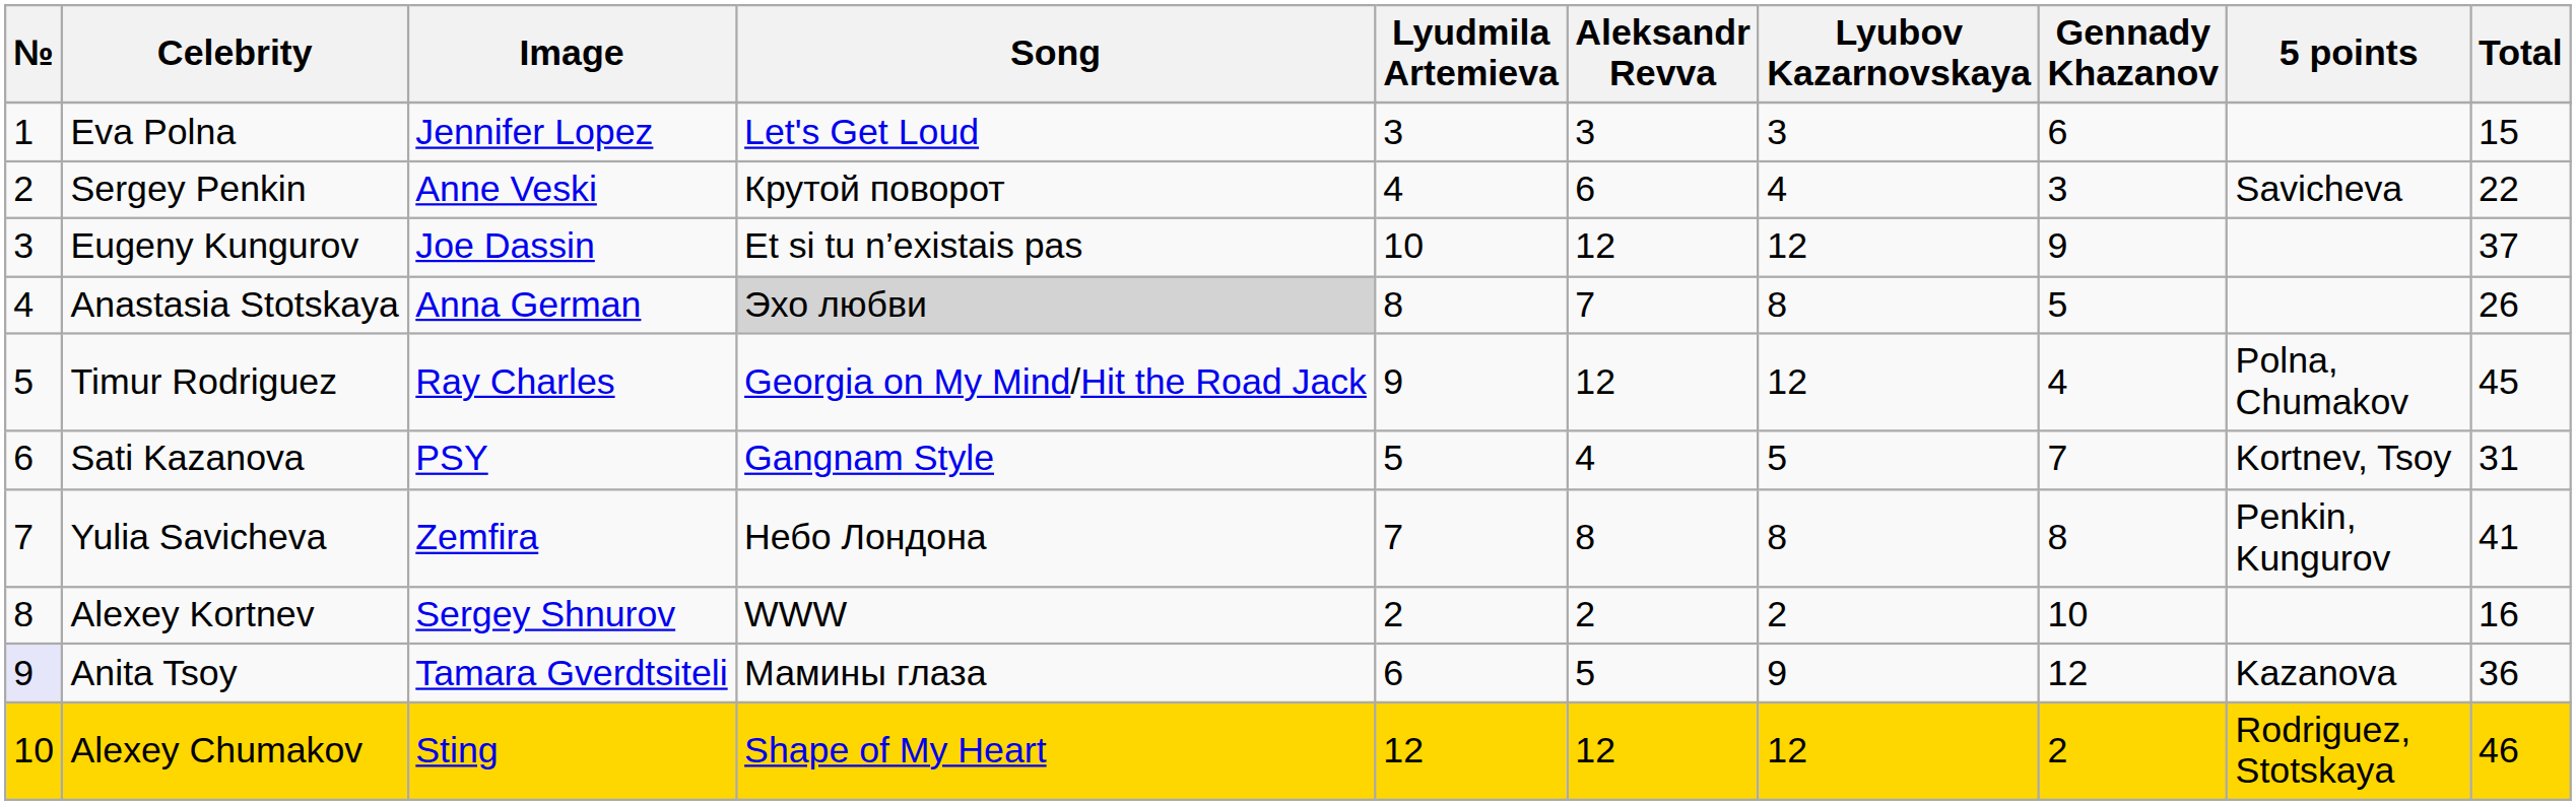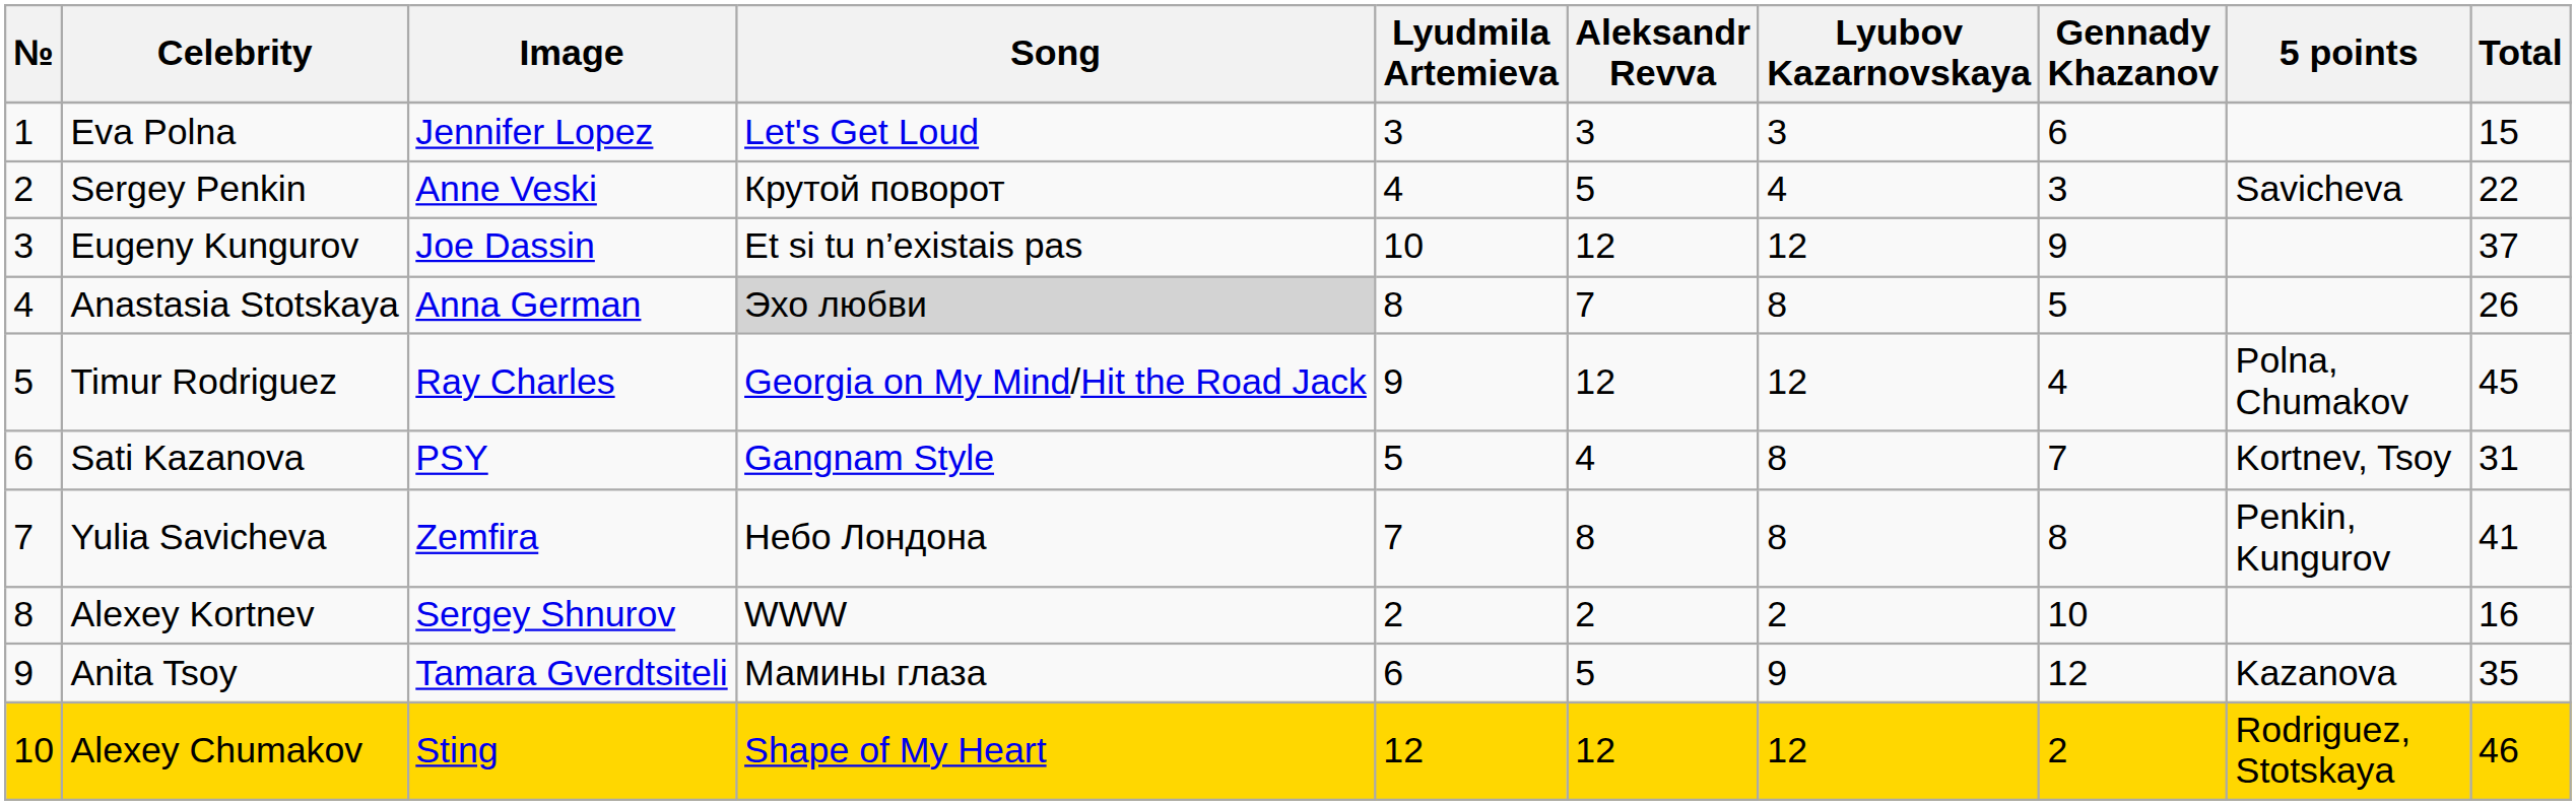 <table class="wikitable sortable">
 <tr>
 <th>№</th>
 <th>Celebrity</th>
 <th>Image</th>
 <th>Song</th>
 <th width=20>Lyudmila Artemieva</th>
 <th width=20>Aleksandr Revva</th>
 <th width=20>Lyubov Kazarnovskaya</th>
 <th width=20>Gennady Khazanov</th>
 <th width=100>5 points</th>
 <th>Total</th>
 </tr>
 <tr>
 </tr>
 <tr>
 <td>1</td>
 <td>Eva Polna</td>
 <td><a href='#'>Jennifer Lopez</a></td>
 <td><a href='#'>Let's Get Loud</a></td>
 <td>3</td>
 <td>3</td>
 <td>3</td>
 <td>6</td>
 <td></td>
 <td>15</td>
 </tr>
 <tr>
 <td>2</td>
 <td>Sergey Penkin</td>
 <td><a href='#'>Anne Veski</a></td>
 <td>Крутой поворот</td>
 <td>4</td>
-<td>6</td>
+<td>5</td>
 <td>4</td>
 <td>3</td>
 <td>Savicheva</td>
 <td>22</td>
 </tr>
 <tr>
 <td>3</td>
 <td>Eugeny Kungurov</td>
 <td><a href='#'>Joe Dassin</a></td>
 <td>Et si tu n’existais pas</td>
 <td>10</td>
 <td>12</td>
 <td>12</td>
 <td>9</td>
 <td></td>
 <td>37</td>
 </tr>
 <tr>
 <td>4</td>
 <td>Anastasia Stotskaya</td>
 <td><a href='#'>Anna German</a></td>
 <td style="background: lightgrey;">Эхо любви</td>
 <td>8</td>
 <td>7</td>
 <td>8</td>
 <td>5</td>
 <td></td>
 <td>26</td>
 </tr>
 <tr>
 <td>5</td>
 <td>Timur Rodriguez</td>
 <td><a href='#'>Ray Charles</a></td>
 <td><a href='#'>Georgia on My Mind</a>/<a href='#'>Hit the Road Jack</a></td>
 <td>9</td>
 <td>12</td>
 <td>12</td>
 <td>4</td>
 <td>Polna, Chumakov</td>
 <td>45</td>
 </tr>
 <tr>
 <td>6</td>
 <td>Sati Kazanova</td>
 <td><a href='#'>PSY</a></td>
 <td><a href='#'>Gangnam Style</a></td>
 <td>5</td>
 <td>4</td>
-<td>5</td>
+<td>8</td>
 <td>7</td>
 <td>Kortnev, Tsoy</td>
 <td>31</td>
 </tr>
 <tr>
 <td>7</td>
 <td>Yulia Savicheva</td>
 <td><a href='#'>Zemfira</a></td>
 <td>Небо Лондона</td>
 <td>7</td>
 <td>8</td>
 <td>8</td>
 <td>8</td>
 <td>Penkin, Kungurov</td>
 <td>41</td>
 </tr>
 <tr>
 <td>8</td>
 <td>Alexey Kortnev</td>
 <td><a href='#'>Sergey Shnurov</a></td>
 <td>WWW</td>
 <td>2</td>
 <td>2</td>
 <td>2</td>
 <td>10</td>
 <td></td>
 <td>16</td>
 </tr>
 <tr>
-<td style="background: lavender;">9</td>
+<td>9</td>
 <td>Anita Tsoy</td>
 <td><a href='#'>Tamara Gverdtsiteli</a></td>
 <td>Мамины глаза</td>
 <td>6</td>
 <td>5</td>
 <td>9</td>
 <td>12</td>
 <td>Kazanova</td>
-<td>36</td>
+<td>35</td>
 </tr>
 <tr style="background:gold">
 <td>10</td>
 <td>Alexey Chumakov</td>
 <td><a href='#'>Sting</a></td>
 <td><a href='#'>Shape of My Heart</a></td>
 <td>12</td>
 <td>12</td>
 <td>12</td>
 <td>2</td>
 <td>Rodriguez, Stotskaya</td>
 <td>46</td>
 </tr>
 </table>
